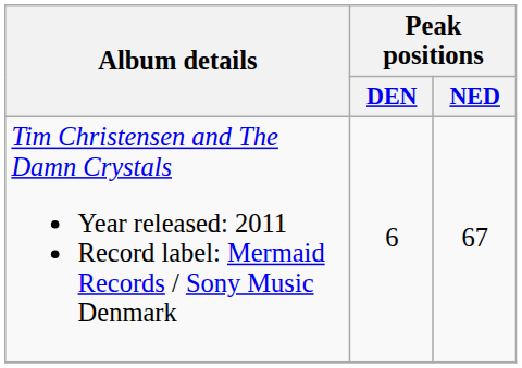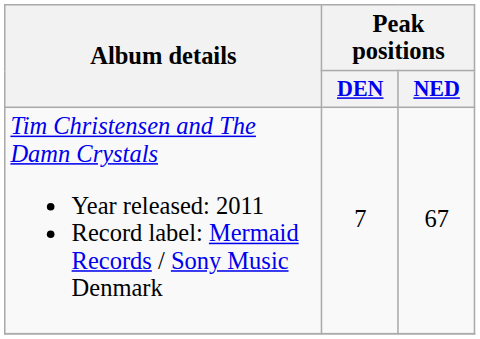 <table class="wikitable">
 <tr>
 <th align="center" rowspan="2" width="200">Album details</th>
 <th align="center" colspan="2" width="20">Peak positions</th>
 </tr>
 <tr>
 <th scope="col" style="width:3em;font-size:90%;"><a href='#'>DEN</a><br></th>
 <th scope="col" style="width:3em;font-size:90%;"><a href='#'>NED</a><br></th>
 </tr>
 <tr>
 <td><em><a href='#'>Tim Christensen and The Damn Crystals</a></em><br><ul><li>Year released: 2011</li><li>Record label: <a href='#'>Mermaid Records</a> / <a href='#'>Sony Music</a> Denmark</li></ul></td>
-<td style="text-align:center;">6</td>
+<td style="text-align:center;">7</td>
 <td style="text-align:center;">67</td>
 </tr>
 <tr>
 </tr>
 </table>
